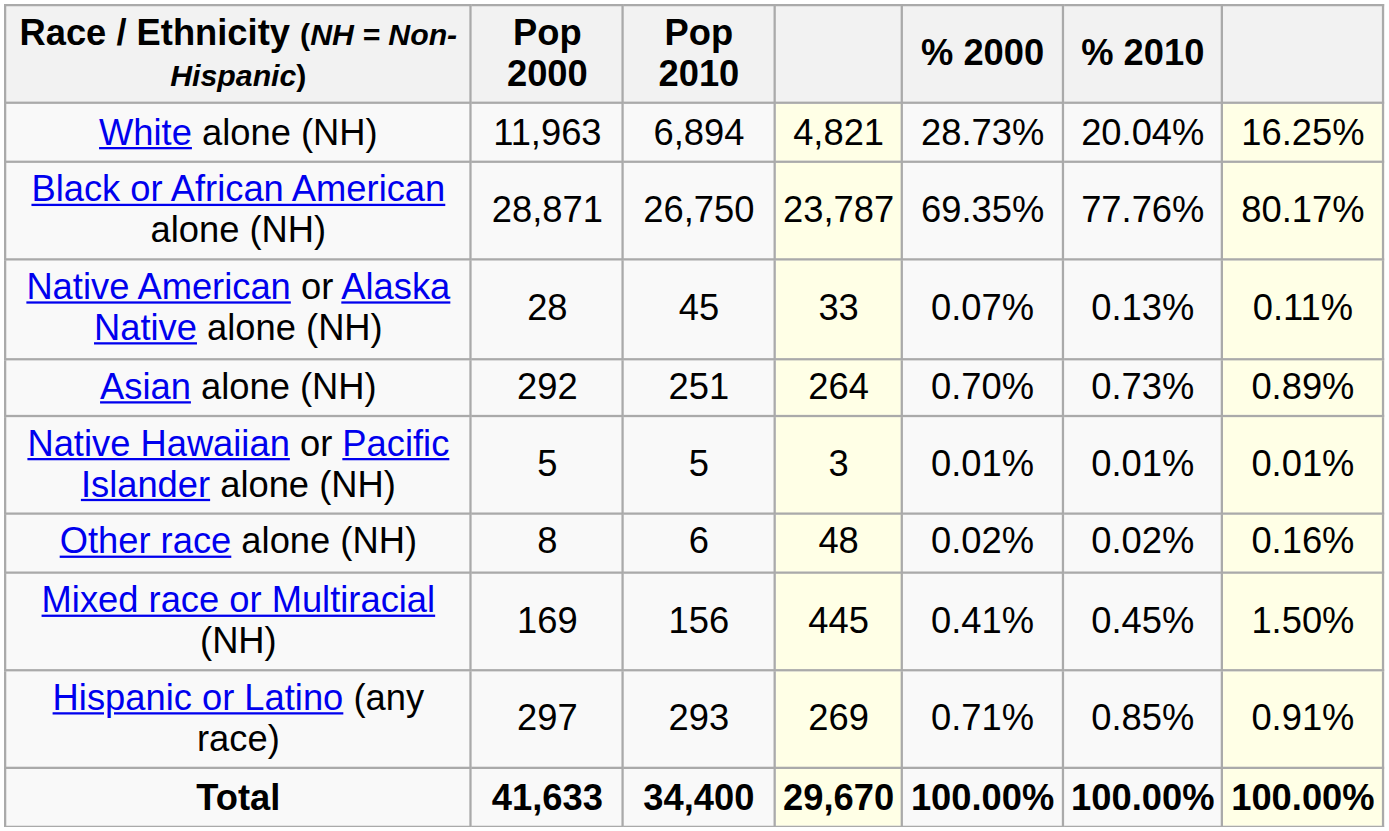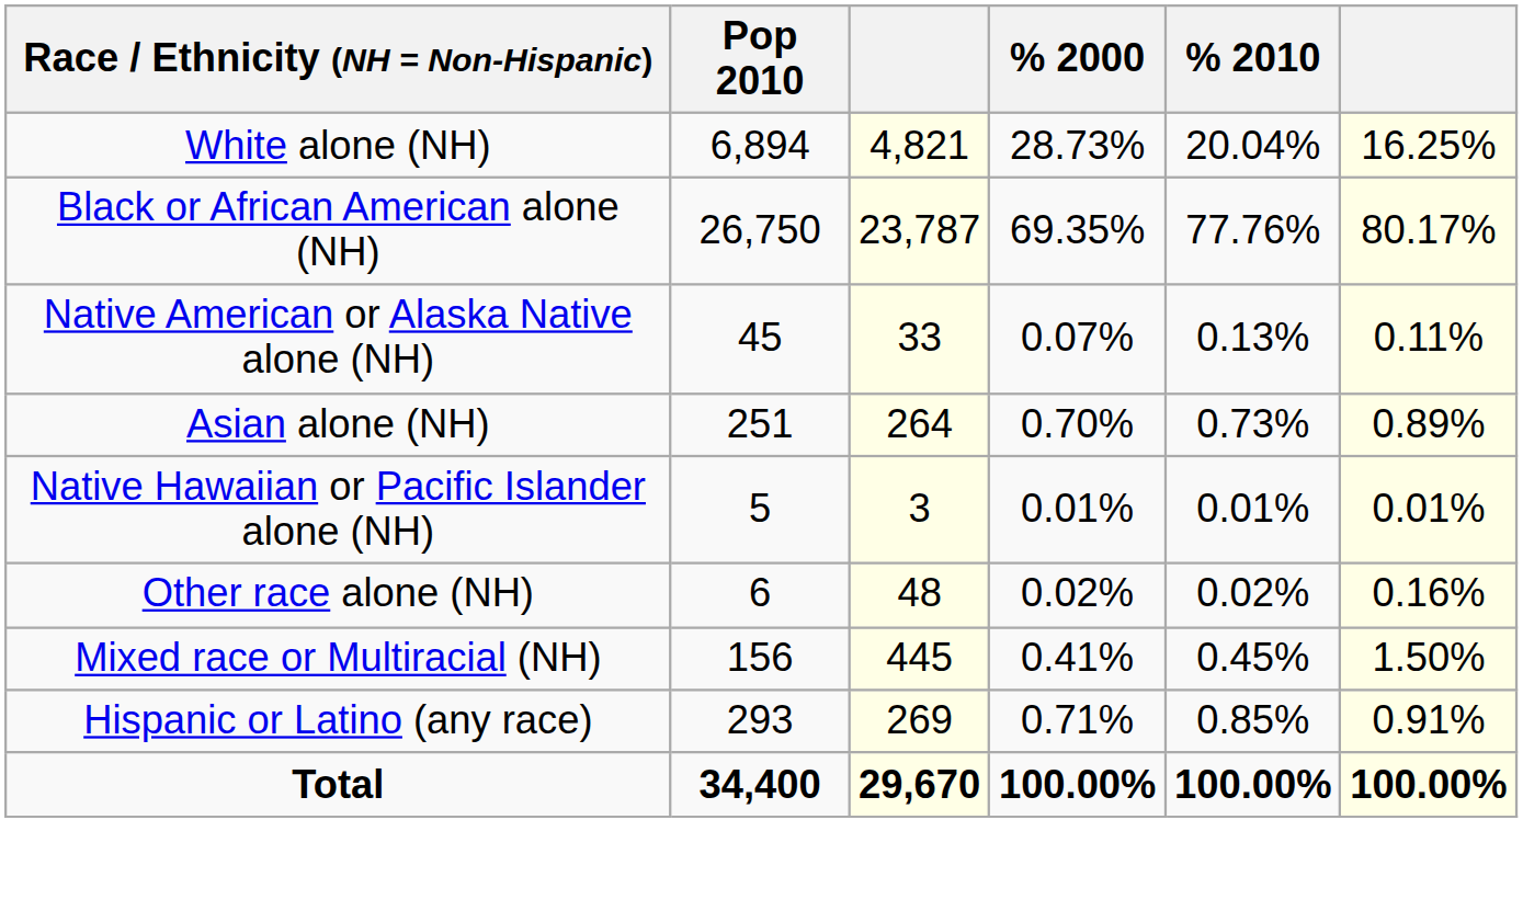 <table class="wikitable" style="text-align:center;">
 <tr>
 <th>Race / Ethnicity <small>(<em>NH = Non-Hispanic</em>)</small></th>
-<th>Pop 2000</th>
 <th>Pop 2010</th>
 <th></th>
 <th>% 2000</th>
 <th>% 2010</th>
 <th></th>
 </tr>
 <tr>
 <td><a href='#'>White</a> alone (NH)</td>
-<td>11,963</td>
 <td>6,894</td>
 <td style='background: #ffffe6;'>4,821</td>
 <td>28.73%</td>
 <td>20.04%</td>
 <td style='background: #ffffe6;'>16.25%</td>
 </tr>
 <tr>
 <td><a href='#'>Black or African American</a> alone (NH)</td>
-<td>28,871</td>
 <td>26,750</td>
 <td style='background: #ffffe6;'>23,787</td>
 <td>69.35%</td>
 <td>77.76%</td>
 <td style='background: #ffffe6;'>80.17%</td>
 </tr>
 <tr>
 <td><a href='#'>Native American</a> or <a href='#'>Alaska Native</a> alone (NH)</td>
-<td>28</td>
 <td>45</td>
 <td style='background: #ffffe6;'>33</td>
 <td>0.07%</td>
 <td>0.13%</td>
 <td style='background: #ffffe6;'>0.11%</td>
 </tr>
 <tr>
 <td><a href='#'>Asian</a> alone (NH)</td>
-<td>292</td>
 <td>251</td>
 <td style='background: #ffffe6;'>264</td>
 <td>0.70%</td>
 <td>0.73%</td>
 <td style='background: #ffffe6;'>0.89%</td>
 </tr>
 <tr>
 <td><a href='#'>Native Hawaiian</a> or <a href='#'>Pacific Islander</a> alone (NH)</td>
 <td>5</td>
-<td>5</td>
 <td style='background: #ffffe6;'>3</td>
 <td>0.01%</td>
 <td>0.01%</td>
 <td style='background: #ffffe6;'>0.01%</td>
 </tr>
 <tr>
 <td><a href='#'>Other race</a> alone (NH)</td>
-<td>8</td>
 <td>6</td>
 <td style='background: #ffffe6;'>48</td>
 <td>0.02%</td>
 <td>0.02%</td>
 <td style='background: #ffffe6;'>0.16%</td>
 </tr>
 <tr>
 <td><a href='#'>Mixed race or Multiracial</a> (NH)</td>
-<td>169</td>
 <td>156</td>
 <td style='background: #ffffe6;'>445</td>
 <td>0.41%</td>
 <td>0.45%</td>
 <td style='background: #ffffe6;'>1.50%</td>
 </tr>
 <tr>
 <td><a href='#'>Hispanic or Latino</a> (any race)</td>
-<td>297</td>
 <td>293</td>
 <td style='background: #ffffe6;'>269</td>
 <td>0.71%</td>
 <td>0.85%</td>
 <td style='background: #ffffe6;'>0.91%</td>
 </tr>
 <tr>
 <td><strong>Total</strong></td>
-<td><strong>41,633</strong></td>
 <td><strong>34,400</strong></td>
 <td style='background: #ffffe6;'><strong>29,670</strong></td>
 <td><strong>100.00%</strong></td>
 <td><strong>100.00%</strong></td>
 <td style='background: #ffffe6;'><strong>100.00%</strong></td>
 </tr>
 </table>
